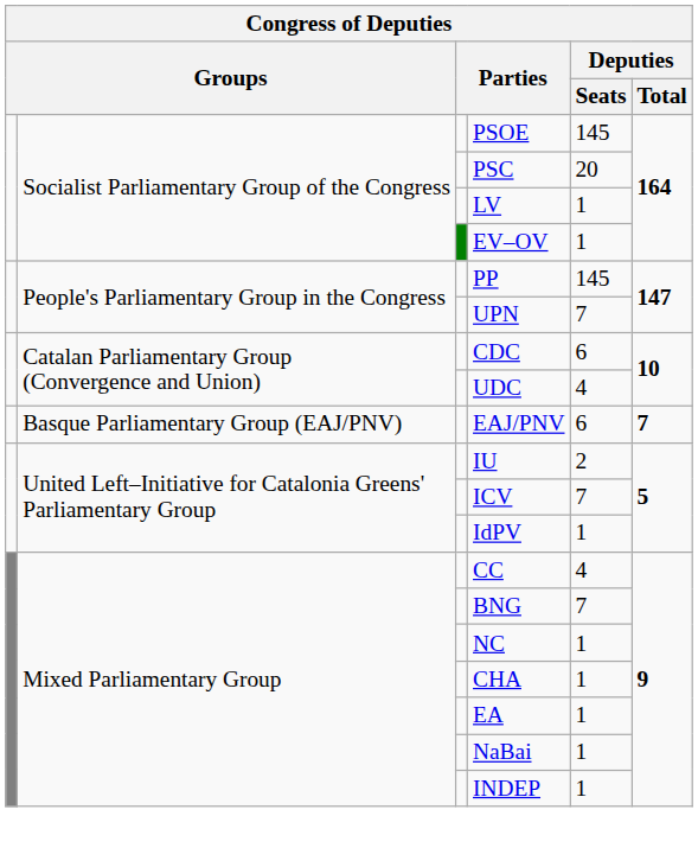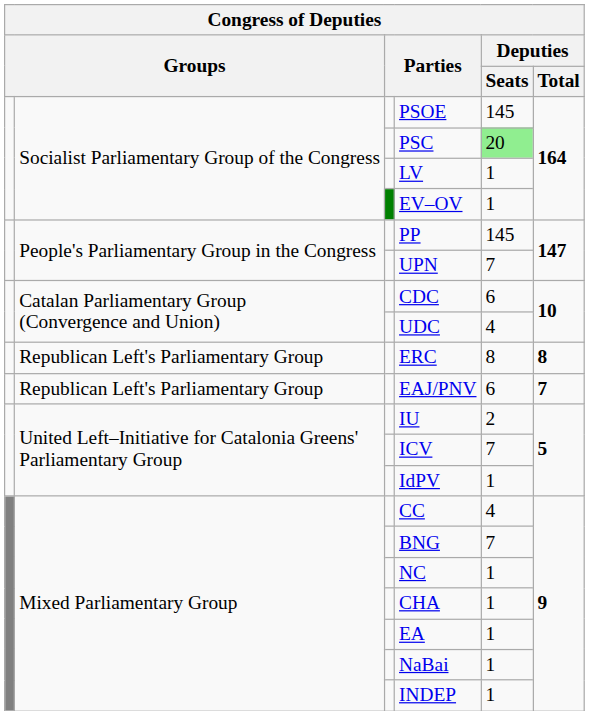 <table class="wikitable" style="text-align:left;">
 <tr>
 <th colspan="6">Congress of Deputies</th>
 </tr>
 <tr>
 <th rowspan="2" colspan="2">Groups</th>
 <th rowspan="2" colspan="2">Parties</th>
 <th colspan="2">Deputies</th>
 </tr>
 <tr>
 <th>Seats</th>
 <th>Total</th>
 </tr>
 <tr>
 <td width="1" rowspan="4"></td>
 <td rowspan="4">Socialist Parliamentary Group of the Congress</td>
 <td width="1" style="color:inherit;background:"></td>
 <td><a href='#'>PSOE</a></td>
 <td>145</td>
 <td rowspan="4"><strong>164</strong></td>
 </tr>
 <tr>
 <td style="color:inherit;background:"></td>
 <td><a href='#'>PSC</a></td>
-<td>20</td>
+<td style="background: lightgreen;">20</td>
 </tr>
 <tr>
 <td style="color:inherit;background:"></td>
 <td><a href='#'>LV</a></td>
 <td>1</td>
 </tr>
 <tr>
 <td bgcolor="green"></td>
 <td><a href='#'>EV–OV</a></td>
 <td>1</td>
 </tr>
 <tr>
 <td rowspan="2" style="color:inherit;background:"></td>
 <td rowspan="2">People's Parliamentary Group in the Congress</td>
 <td style="color:inherit;background:"></td>
 <td><a href='#'>PP</a></td>
 <td>145</td>
 <td rowspan="2"><strong>147</strong></td>
 </tr>
 <tr>
 <td style="color:inherit;background:"></td>
 <td><a href='#'>UPN</a></td>
 <td>7</td>
 </tr>
 <tr>
 <td rowspan="2" style="color:inherit;background:"></td>
 <td rowspan="2">Catalan Parliamentary Group<br>(Convergence and Union)</td>
 <td style="color:inherit;background:"></td>
 <td><a href='#'>CDC</a></td>
 <td>6</td>
 <td rowspan="2"><strong>10</strong></td>
 </tr>
 <tr>
 <td style="color:inherit;background:"></td>
 <td><a href='#'>UDC</a></td>
 <td>4</td>
 </tr>
 <tr>
 <td style="color:inherit;background:"></td>
-<td>Basque Parliamentary Group (EAJ/PNV)</td>
+<td>Republican Left's Parliamentary Group</td>
+<td style="color:inherit;background:"></td>
+<td><a href='#'>ERC</a></td>
+<td>8</td>
+<td><strong>8</strong></td>
+</tr>
+<tr>
+<td style="color:inherit;background:"></td>
+<td>Republican Left's Parliamentary Group</td>
 <td style="color:inherit;background:"></td>
 <td><a href='#'>EAJ/PNV</a></td>
 <td>6</td>
 <td><strong>7</strong></td>
 </tr>
 <tr>
 <td rowspan="3" style="color:inherit;background:"></td>
 <td rowspan="3">United Left–Initiative for Catalonia Greens'<br>Parliamentary Group</td>
 <td style="color:inherit;background:"></td>
 <td><a href='#'>IU</a></td>
 <td>2</td>
 <td rowspan="3"><strong>5</strong></td>
 </tr>
 <tr>
 <td style="color:inherit;background:"></td>
 <td><a href='#'>ICV</a></td>
 <td>7</td>
 </tr>
 <tr>
 <td style="color:inherit;background:"></td>
 <td><a href='#'>IdPV</a></td>
 <td>1</td>
 </tr>
 <tr>
 <td rowspan="7" bgcolor="gray"></td>
 <td rowspan="7">Mixed Parliamentary Group</td>
 <td style="color:inherit;background:"></td>
 <td><a href='#'>CC</a></td>
 <td>4</td>
 <td rowspan="7"><strong>9</strong></td>
 </tr>
 <tr>
 <td style="color:inherit;background:"></td>
 <td><a href='#'>BNG</a></td>
 <td>7</td>
 </tr>
 <tr>
 <td style="color:inherit;background:"></td>
 <td><a href='#'>NC</a></td>
 <td>1</td>
 </tr>
 <tr>
 <td style="color:inherit;background:"></td>
 <td><a href='#'>CHA</a></td>
 <td>1</td>
 </tr>
 <tr>
 <td style="color:inherit;background:"></td>
 <td><a href='#'>EA</a></td>
 <td>1</td>
 </tr>
 <tr>
 <td style="color:inherit;background:"></td>
 <td><a href='#'>NaBai</a></td>
 <td>1</td>
 </tr>
 <tr>
 <td style="color:inherit;background:"></td>
 <td><a href='#'>INDEP</a></td>
 <td>1</td>
 </tr>
 </table>
